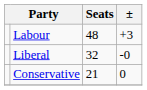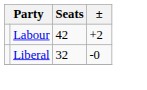 <table class="wikitable">
 <tr>
 <th colspan="2">Party</th>
 <th>Seats</th>
 <th>  ±  </th>
 </tr>
 <tr>
 <td style="background-color: "></td>
 <td><a href='#'>Labour</a></td>
-<td>48</td>
-<td>+3</td>
+<td>42</td>
+<td>+2</td>
 </tr>
 <tr>
 <td style="background-color: "></td>
 <td><a href='#'>Liberal</a></td>
 <td>32</td>
 <td>-0</td>
 </tr>
 <tr>
-<td style="background-color: "></td>
-<td><a href='#'>Conservative</a></td>
-<td>21</td>
-<td>0</td>
-</tr>
-<tr>
 </tr>
 </table>
